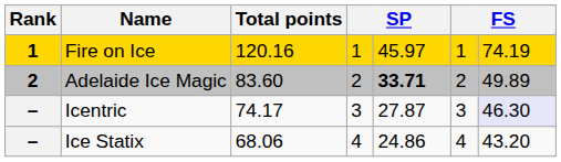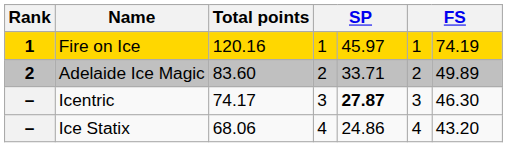 <table class="wikitable sortable">
 <tr>
 <th>Rank</th>
 <th>Name</th>
 <th>Total points</th>
 <th colspan="2" width="80px"><a href='#'>SP</a></th>
 <th colspan="2" width="80px"><a href='#'>FS</a></th>
 </tr>
 <tr bgcolor="gold">
 <td align="center"><strong>1</strong></td>
 <td>Fire on Ice</td>
 <td>120.16</td>
 <td>1</td>
 <td>45.97</td>
 <td>1</td>
 <td>74.19</td>
 </tr>
 <tr bgcolor="silver">
 <td align="center"><strong>2</strong></td>
 <td>Adelaide Ice Magic</td>
 <td>83.60</td>
 <td>2</td>
-<td><strong>33.71</strong></td>
+<td>33.71</td>
 <td>2</td>
 <td>49.89</td>
 </tr>
 <tr>
 <th>–</th>
 <td> Icentric</td>
 <td>74.17</td>
 <td>3</td>
-<td>27.87</td>
+<td><strong>27.87</strong></td>
 <td>3</td>
-<td style="background: lavender;">46.30</td>
+<td>46.30</td>
 </tr>
 <tr>
 <th>–</th>
 <td> Ice Statix</td>
 <td>68.06</td>
 <td>4</td>
 <td>24.86</td>
 <td>4</td>
 <td>43.20</td>
 </tr>
 </table>
